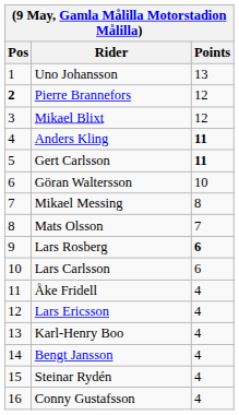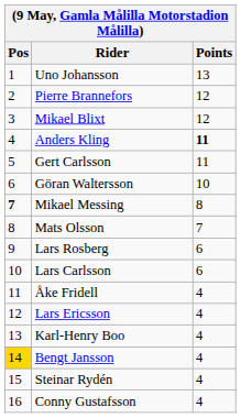 <table class="wikitable">
 <tr>
 <th colspan="6">(9 May, <a href='#'>Gamla Målilla Motorstadion</a><br> <a href='#'>Målilla</a>)</th>
 </tr>
 <tr>
 <th width=20>Pos</th>
 <th width=180>Rider</th>
 <th width=40>Points</th>
 </tr>
 <tr>
 <td>1</td>
 <td style="text-align:left;">Uno Johansson</td>
 <td>13</td>
 </tr>
 <tr>
-<td><strong>2</strong></td>
+<td>2</td>
 <td style="text-align:left;"><a href='#'>Pierre Brannefors</a></td>
 <td>12</td>
 </tr>
 <tr>
 <td>3</td>
 <td style="text-align:left;"><a href='#'>Mikael Blixt</a></td>
 <td>12</td>
 </tr>
 <tr>
 <td>4</td>
 <td style="text-align:left;"><a href='#'>Anders Kling</a></td>
 <td><strong>11</strong></td>
 </tr>
 <tr>
 <td>5</td>
 <td style="text-align:left;">Gert Carlsson</td>
-<td><strong>11</strong></td>
+<td>11</td>
 </tr>
 <tr>
 <td>6</td>
 <td style="text-align:left;">Göran Waltersson</td>
 <td>10</td>
 </tr>
 <tr>
-<td>7</td>
+<td><strong>7</strong></td>
 <td style="text-align:left;">Mikael Messing</td>
 <td>8</td>
 </tr>
 <tr>
 <td>8</td>
 <td style="text-align:left;">Mats Olsson</td>
 <td>7</td>
 </tr>
 <tr>
 <td>9</td>
 <td style="text-align:left;">Lars Rosberg</td>
-<td><strong>6</strong></td>
+<td>6</td>
 </tr>
 <tr>
 <td>10</td>
 <td style="text-align:left;">Lars Carlsson</td>
 <td>6</td>
 </tr>
 <tr>
 <td>11</td>
 <td style="text-align:left;">Åke Fridell</td>
 <td>4</td>
 </tr>
 <tr>
 <td>12</td>
 <td style="text-align:left;"><a href='#'>Lars Ericsson</a></td>
 <td>4</td>
 </tr>
 <tr>
 <td>13</td>
 <td style="text-align:left;">Karl-Henry Boo</td>
 <td>4</td>
 </tr>
 <tr>
-<td>14</td>
+<td style="background: gold;">14</td>
 <td style="text-align:left;"><a href='#'>Bengt Jansson</a></td>
 <td>4</td>
 </tr>
 <tr>
 <td>15</td>
 <td style="text-align:left;">Steinar Rydén</td>
 <td>4</td>
 </tr>
 <tr>
 <td>16</td>
 <td style="text-align:left;">Conny Gustafsson</td>
 <td>4</td>
 </tr>
 </table>
